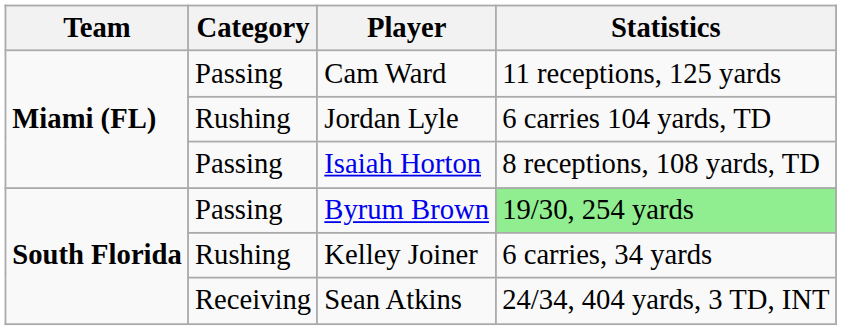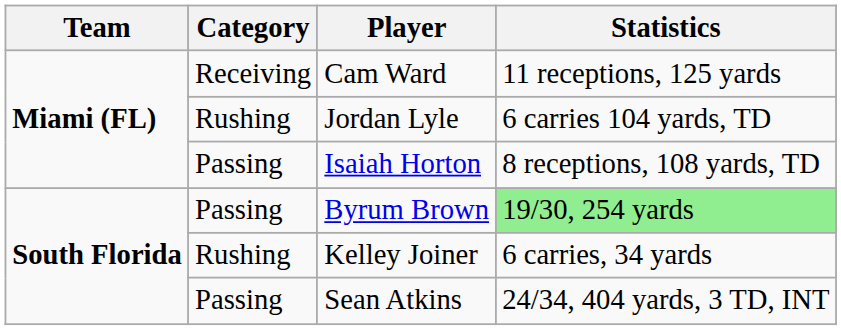 <table class="wikitable" style="float: right;">
 <tr>
 <th>Team</th>
 <th>Category</th>
 <th>Player</th>
 <th>Statistics</th>
 </tr>
 <tr>
 <td rowspan=3><strong>Miami (FL)</strong></td>
-<td>Passing</td>
+<td>Receiving</td>
 <td>Cam Ward</td>
 <td>11 receptions, 125 yards</td>
 </tr>
 <tr>
 <td>Rushing</td>
 <td>Jordan Lyle</td>
 <td>6 carries 104 yards, TD</td>
 </tr>
 <tr>
 <td>Passing</td>
 <td><a href='#'>Isaiah Horton</a></td>
 <td>8 receptions, 108 yards, TD</td>
 </tr>
 <tr>
 <td rowspan=3><strong>South Florida</strong></td>
 <td>Passing</td>
 <td><a href='#'>Byrum Brown</a></td>
 <td style="background: lightgreen;">19/30, 254 yards</td>
 </tr>
 <tr>
 <td>Rushing</td>
 <td>Kelley Joiner</td>
 <td>6 carries, 34 yards</td>
 </tr>
 <tr>
-<td>Receiving</td>
+<td>Passing</td>
 <td>Sean Atkins</td>
 <td>24/34, 404 yards, 3 TD, INT</td>
 </tr>
 </table>
